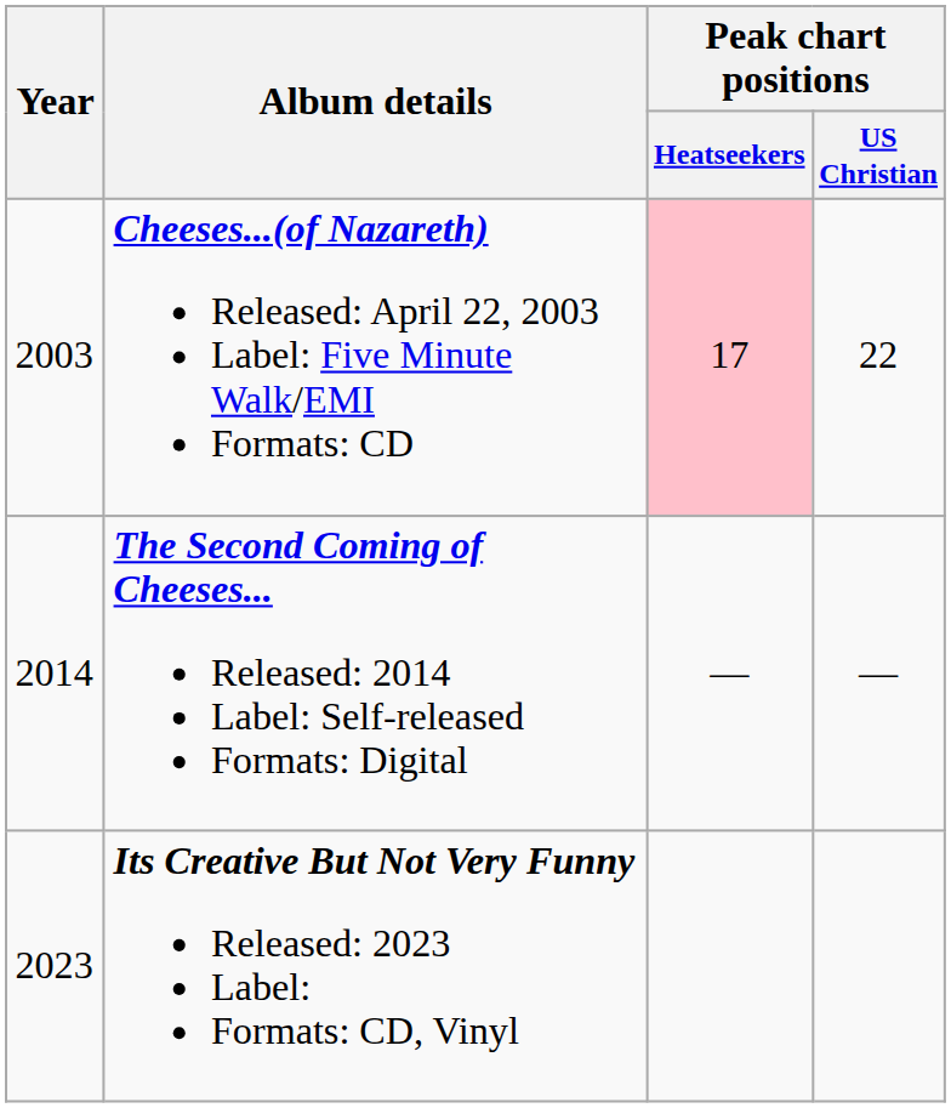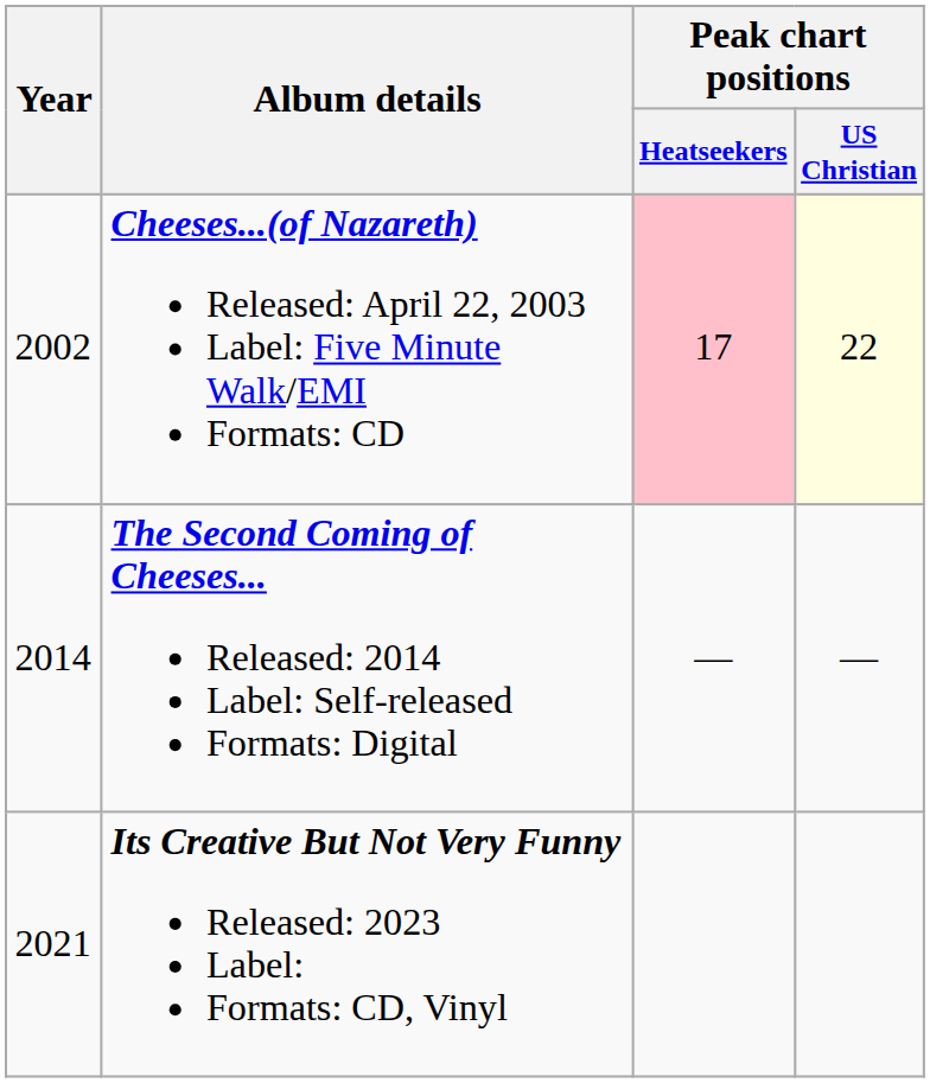 <table class ="wikitable">
 <tr>
 <th rowspan="2" style="width:33px;">Year</th>
 <th rowspan="2" style="width:215px;">Album details</th>
 <th colspan="2">Peak chart positions</th>
 </tr>
 <tr>
 <th style="width:3em;font-size:75%"><a href='#'>Heatseekers</a><br></th>
 <th style="width:3em;font-size:75%"><a href='#'>US Christian</a><br></th>
 </tr>
 <tr>
-<td>2003</td>
+<td>2002</td>
 <td><strong><em><a href='#'>Cheeses...(of Nazareth)</a></em></strong><br><ul><li>Released: April 22, 2003</li><li>Label: <a href='#'>Five Minute Walk</a>/<a href='#'>EMI</a></li><li>Formats: CD</li></ul></td>
 <td style="background: pink; text-align:center;">17</td>
-<td style="text-align:center;">22</td>
+<td style="background: lightyellow; text-align:center;">22</td>
 </tr>
 <tr>
 <td>2014</td>
 <td><strong><em><a href='#'>The Second Coming of Cheeses...</a></em></strong><br><ul><li>Released: 2014</li><li>Label: Self-released</li><li>Formats: Digital</li></ul></td>
 <td style="text-align:center;">—</td>
 <td style="text-align:center;">—</td>
 </tr>
 <tr>
-<td>2023</td>
+<td>2021</td>
 <td><strong><em>Its Creative But Not Very Funny</em></strong><br><ul><li>Released: 2023</li><li>Label:</li><li>Formats: CD, Vinyl</li></ul></td>
 <td style="text-align:center;"></td>
 <td style="text-align:center;"></td>
 </tr>
 </table>
